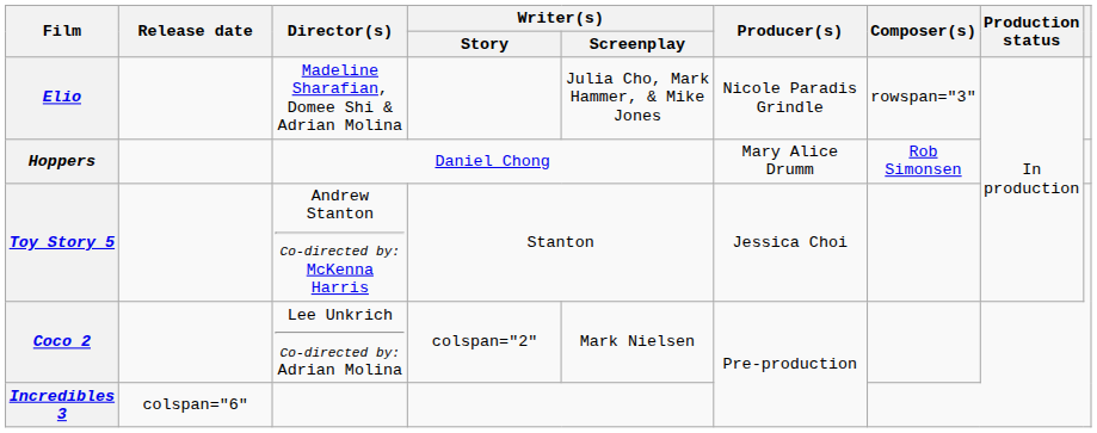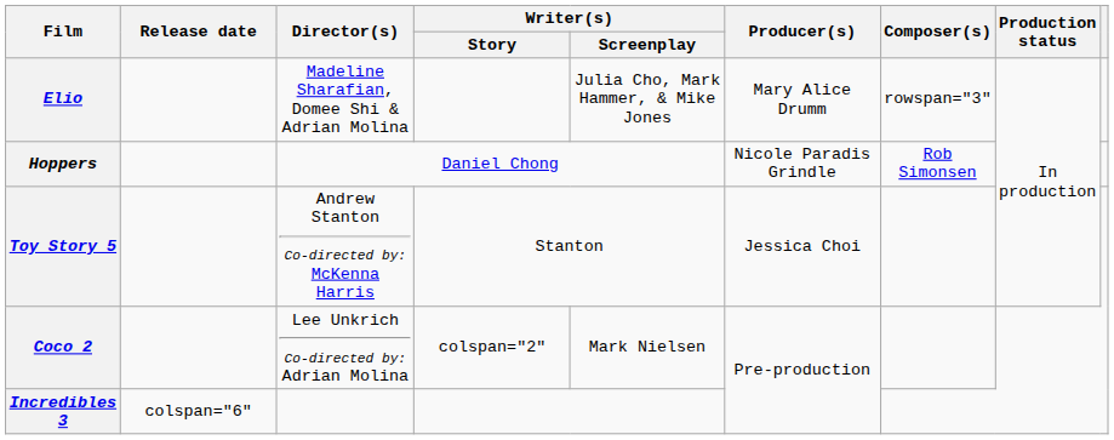 <table class="wikitable plainrowheaders" style="text-align:center; margin=auto; width:100%;">
 <tr>
 <th rowspan="2" width="10%">Film</th>
 <th rowspan="2" width="15%">Release date</th>
 <th width="13%" rowspan="2">Director(s)</th>
 <th width="20%" colspan="2">Writer(s)</th>
 <th width="15%" rowspan="2">Producer(s)</th>
 <th width="10%" rowspan="2">Composer(s)</th>
 <th width="15%" rowspan="2">Production status</th>
 <th width="5%" rowspan="2"></th>
 </tr>
 <tr>
 <th width="15%">Story</th>
 <th width="15%">Screenplay</th>
 </tr>
 <tr>
 <th scope="row" style="text-align:center;"><em><a href='#'>Elio</a></em></th>
 <td></td>
 <td><a href='#'>Madeline Sharafian</a>, Domee Shi & Adrian Molina</td>
 <td></td>
 <td>Julia Cho, Mark Hammer, & Mike Jones</td>
-<td>Nicole Paradis Grindle</td>
+<td>Mary Alice Drumm</td>
 <td>rowspan="3" </td>
 <td rowspan="3">In production</td>
 <td></td>
 </tr>
 <tr>
 <th scope="row" style="text-align:center;"><em>Hoppers</em></th>
 <td></td>
 <td colspan="3"><a href='#'>Daniel Chong</a></td>
-<td>Mary Alice Drumm</td>
+<td>Nicole Paradis Grindle</td>
 <td><a href='#'>Rob Simonsen</a></td>
 <td></td>
 </tr>
 <tr>
 <th scope="row" style="text-align:center;"><em><a href='#'>Toy Story 5</a></em></th>
 <td></td>
 <td>Andrew Stanton<hr><small><em>Co-directed by:</em></small><br><a href='#'>McKenna Harris</a></td>
 <td colspan="2">Stanton</td>
 <td>Jessica Choi</td>
 <td></td>
 </tr>
 <tr>
 <th scope="row" style="text-align:center;"><em><a href='#'>Coco 2</a></em></th>
 <td></td>
 <td>Lee Unkrich<hr><small><em>Co-directed by:</em></small><br>Adrian Molina</td>
 <td>colspan="2" </td>
 <td>Mark Nielsen</td>
 <td rowspan="2">Pre-production</td>
 <td></td>
 </tr>
 <tr>
 <th scope="row" style="text-align:center;"><em><a href='#'>Incredibles 3</a></em></th>
 <td>colspan="6" </td>
 <td></td>
 </tr>
 </table>
